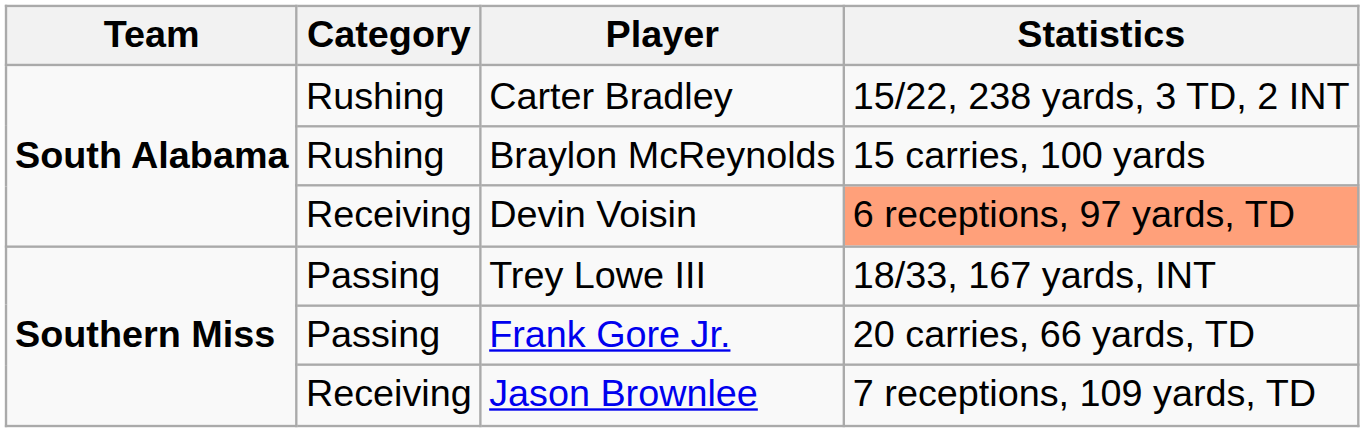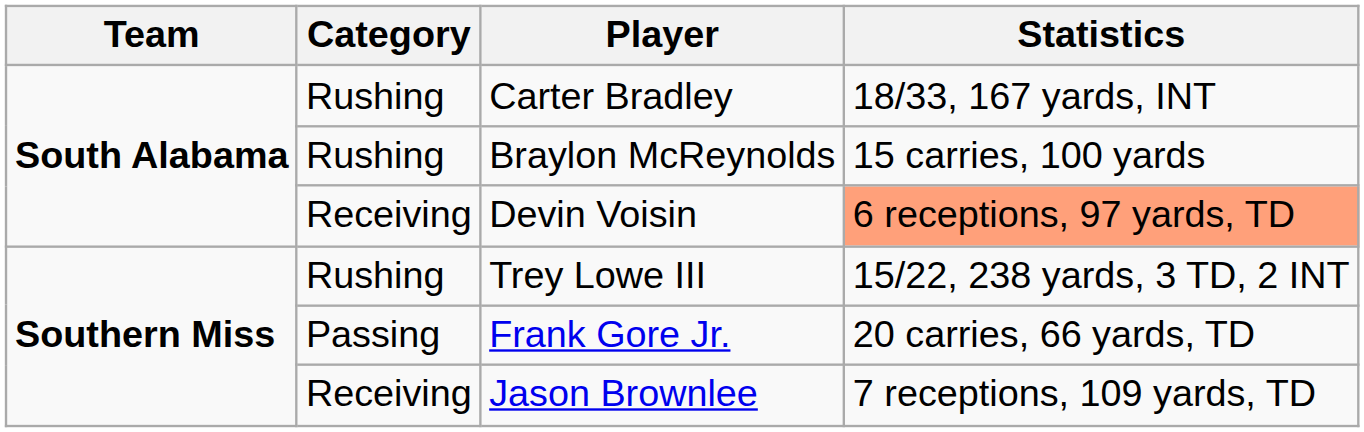 <table class="wikitable" style="float: right;">
 <tr>
 <th>Team</th>
 <th>Category</th>
 <th>Player</th>
 <th>Statistics</th>
 </tr>
 <tr>
 <td rowspan=3><strong>South Alabama</strong></td>
 <td>Rushing</td>
 <td>Carter Bradley</td>
-<td>15/22, 238 yards, 3 TD, 2 INT</td>
+<td>18/33, 167 yards, INT</td>
 </tr>
 <tr>
 <td>Rushing</td>
 <td>Braylon McReynolds</td>
 <td>15 carries, 100 yards</td>
 </tr>
 <tr>
 <td>Receiving</td>
 <td>Devin Voisin</td>
 <td style="background: lightsalmon;">6 receptions, 97 yards, TD</td>
 </tr>
 <tr>
 <td rowspan=3><strong>Southern Miss</strong></td>
-<td>Passing</td>
+<td>Rushing</td>
 <td>Trey Lowe III</td>
-<td>18/33, 167 yards, INT</td>
+<td>15/22, 238 yards, 3 TD, 2 INT</td>
 </tr>
 <tr>
 <td>Passing</td>
 <td><a href='#'>Frank Gore Jr.</a></td>
 <td>20 carries, 66 yards, TD</td>
 </tr>
 <tr>
 <td>Receiving</td>
 <td><a href='#'>Jason Brownlee</a></td>
 <td>7 receptions, 109 yards, TD</td>
 </tr>
 </table>
